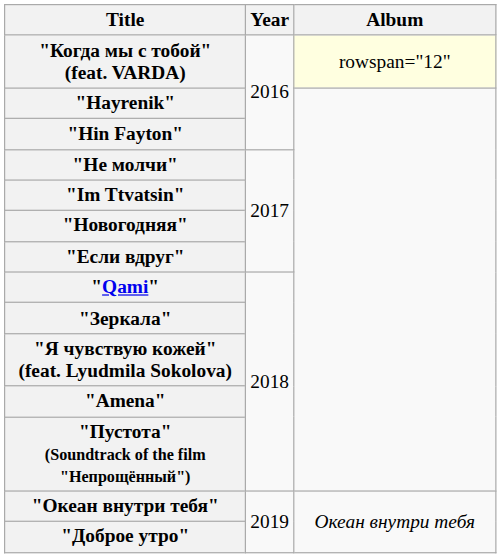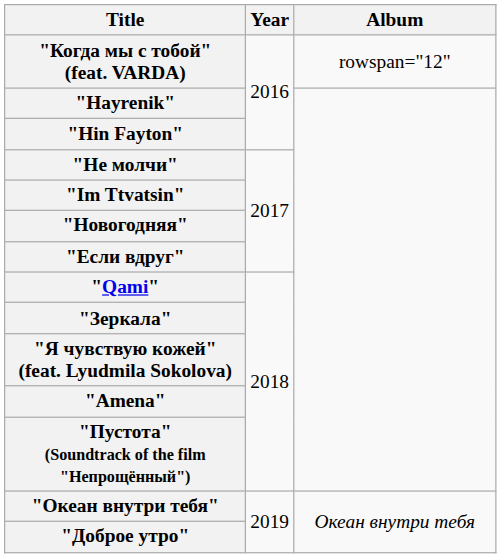 <table class="wikitable plainrowheaders" style="text-align:center;">
 <tr>
 <th scope="col" style="width:12em;">Title</th>
 <th scope="col" style="width:1em;">Year</th>
 <th scope="col" style="width:10em;">Album</th>
 </tr>
 <tr>
 <th scope="row">"Когда мы с тобой"<br><span>(feat. VARDA)</span></th>
 <td rowspan="3">2016</td>
-<td style="background: lightyellow;">rowspan="12" </td>
+<td>rowspan="12" </td>
 </tr>
 <tr>
 <th scope="row">"Hayrenik"</th>
 </tr>
 <tr>
 <th scope="row">"Hin Fayton"</th>
 </tr>
 <tr>
 <th scope="row">"Не молчи"</th>
 <td rowspan="4">2017</td>
 </tr>
 <tr>
 <th scope="row">"Im Ttvatsin"</th>
 </tr>
 <tr>
 <th scope="row">"Новогодняя"</th>
 </tr>
 <tr>
 <th scope="row">"Если вдруг"</th>
 </tr>
 <tr>
 <th scope="row">"<a href='#'>Qami</a>"</th>
 <td rowspan="5">2018</td>
 </tr>
 <tr>
 <th scope="row">"Зеркала"</th>
 </tr>
 <tr>
 <th scope="row">"Я чувствую кожей"<br><span>(feat. Lyudmila Sokolova)</span></th>
 </tr>
 <tr>
 <th scope="row">"Amena"</th>
 </tr>
 <tr>
 <th scope="row">"Пустота"<br><small>(Soundtrack of the film "Непрощённый")</small></th>
 </tr>
 <tr>
 <th scope="row">"Океан внутри тебя"</th>
 <td rowspan="2">2019</td>
 <td rowspan="2"><em>Океан внутри тебя</em></td>
 </tr>
 <tr>
 <th scope="row">"Доброе утро"</th>
 </tr>
 </table>
